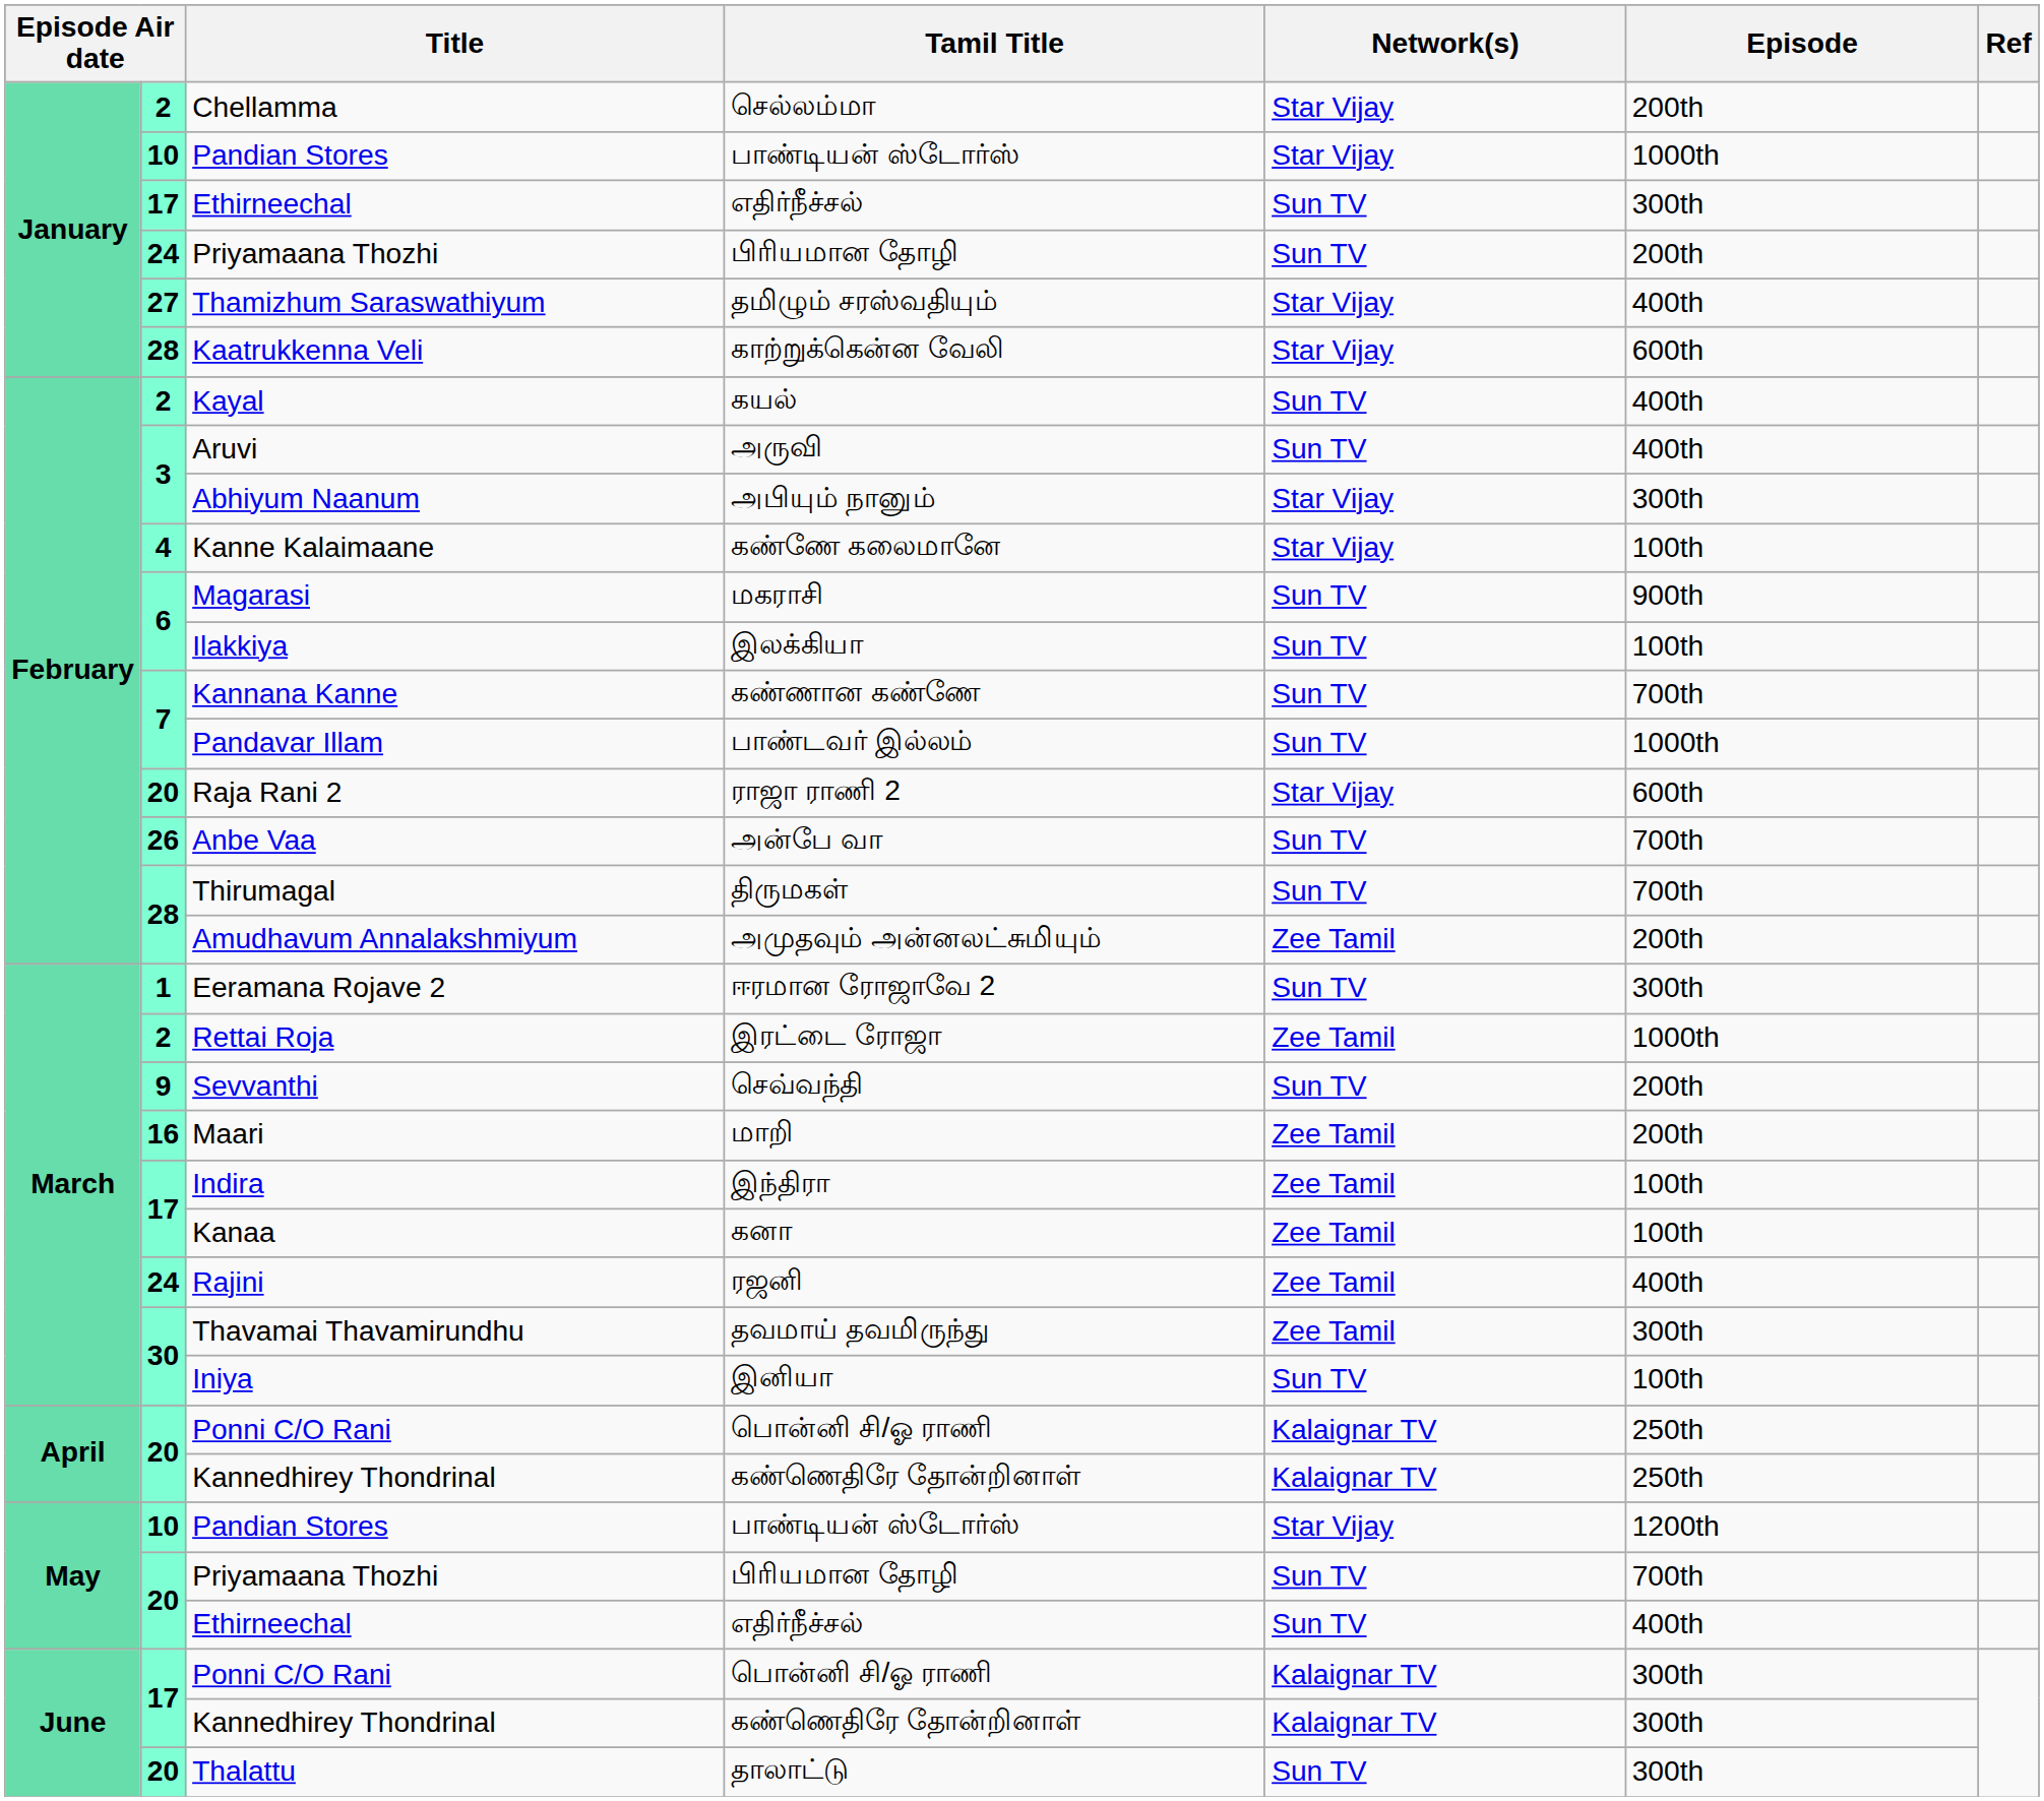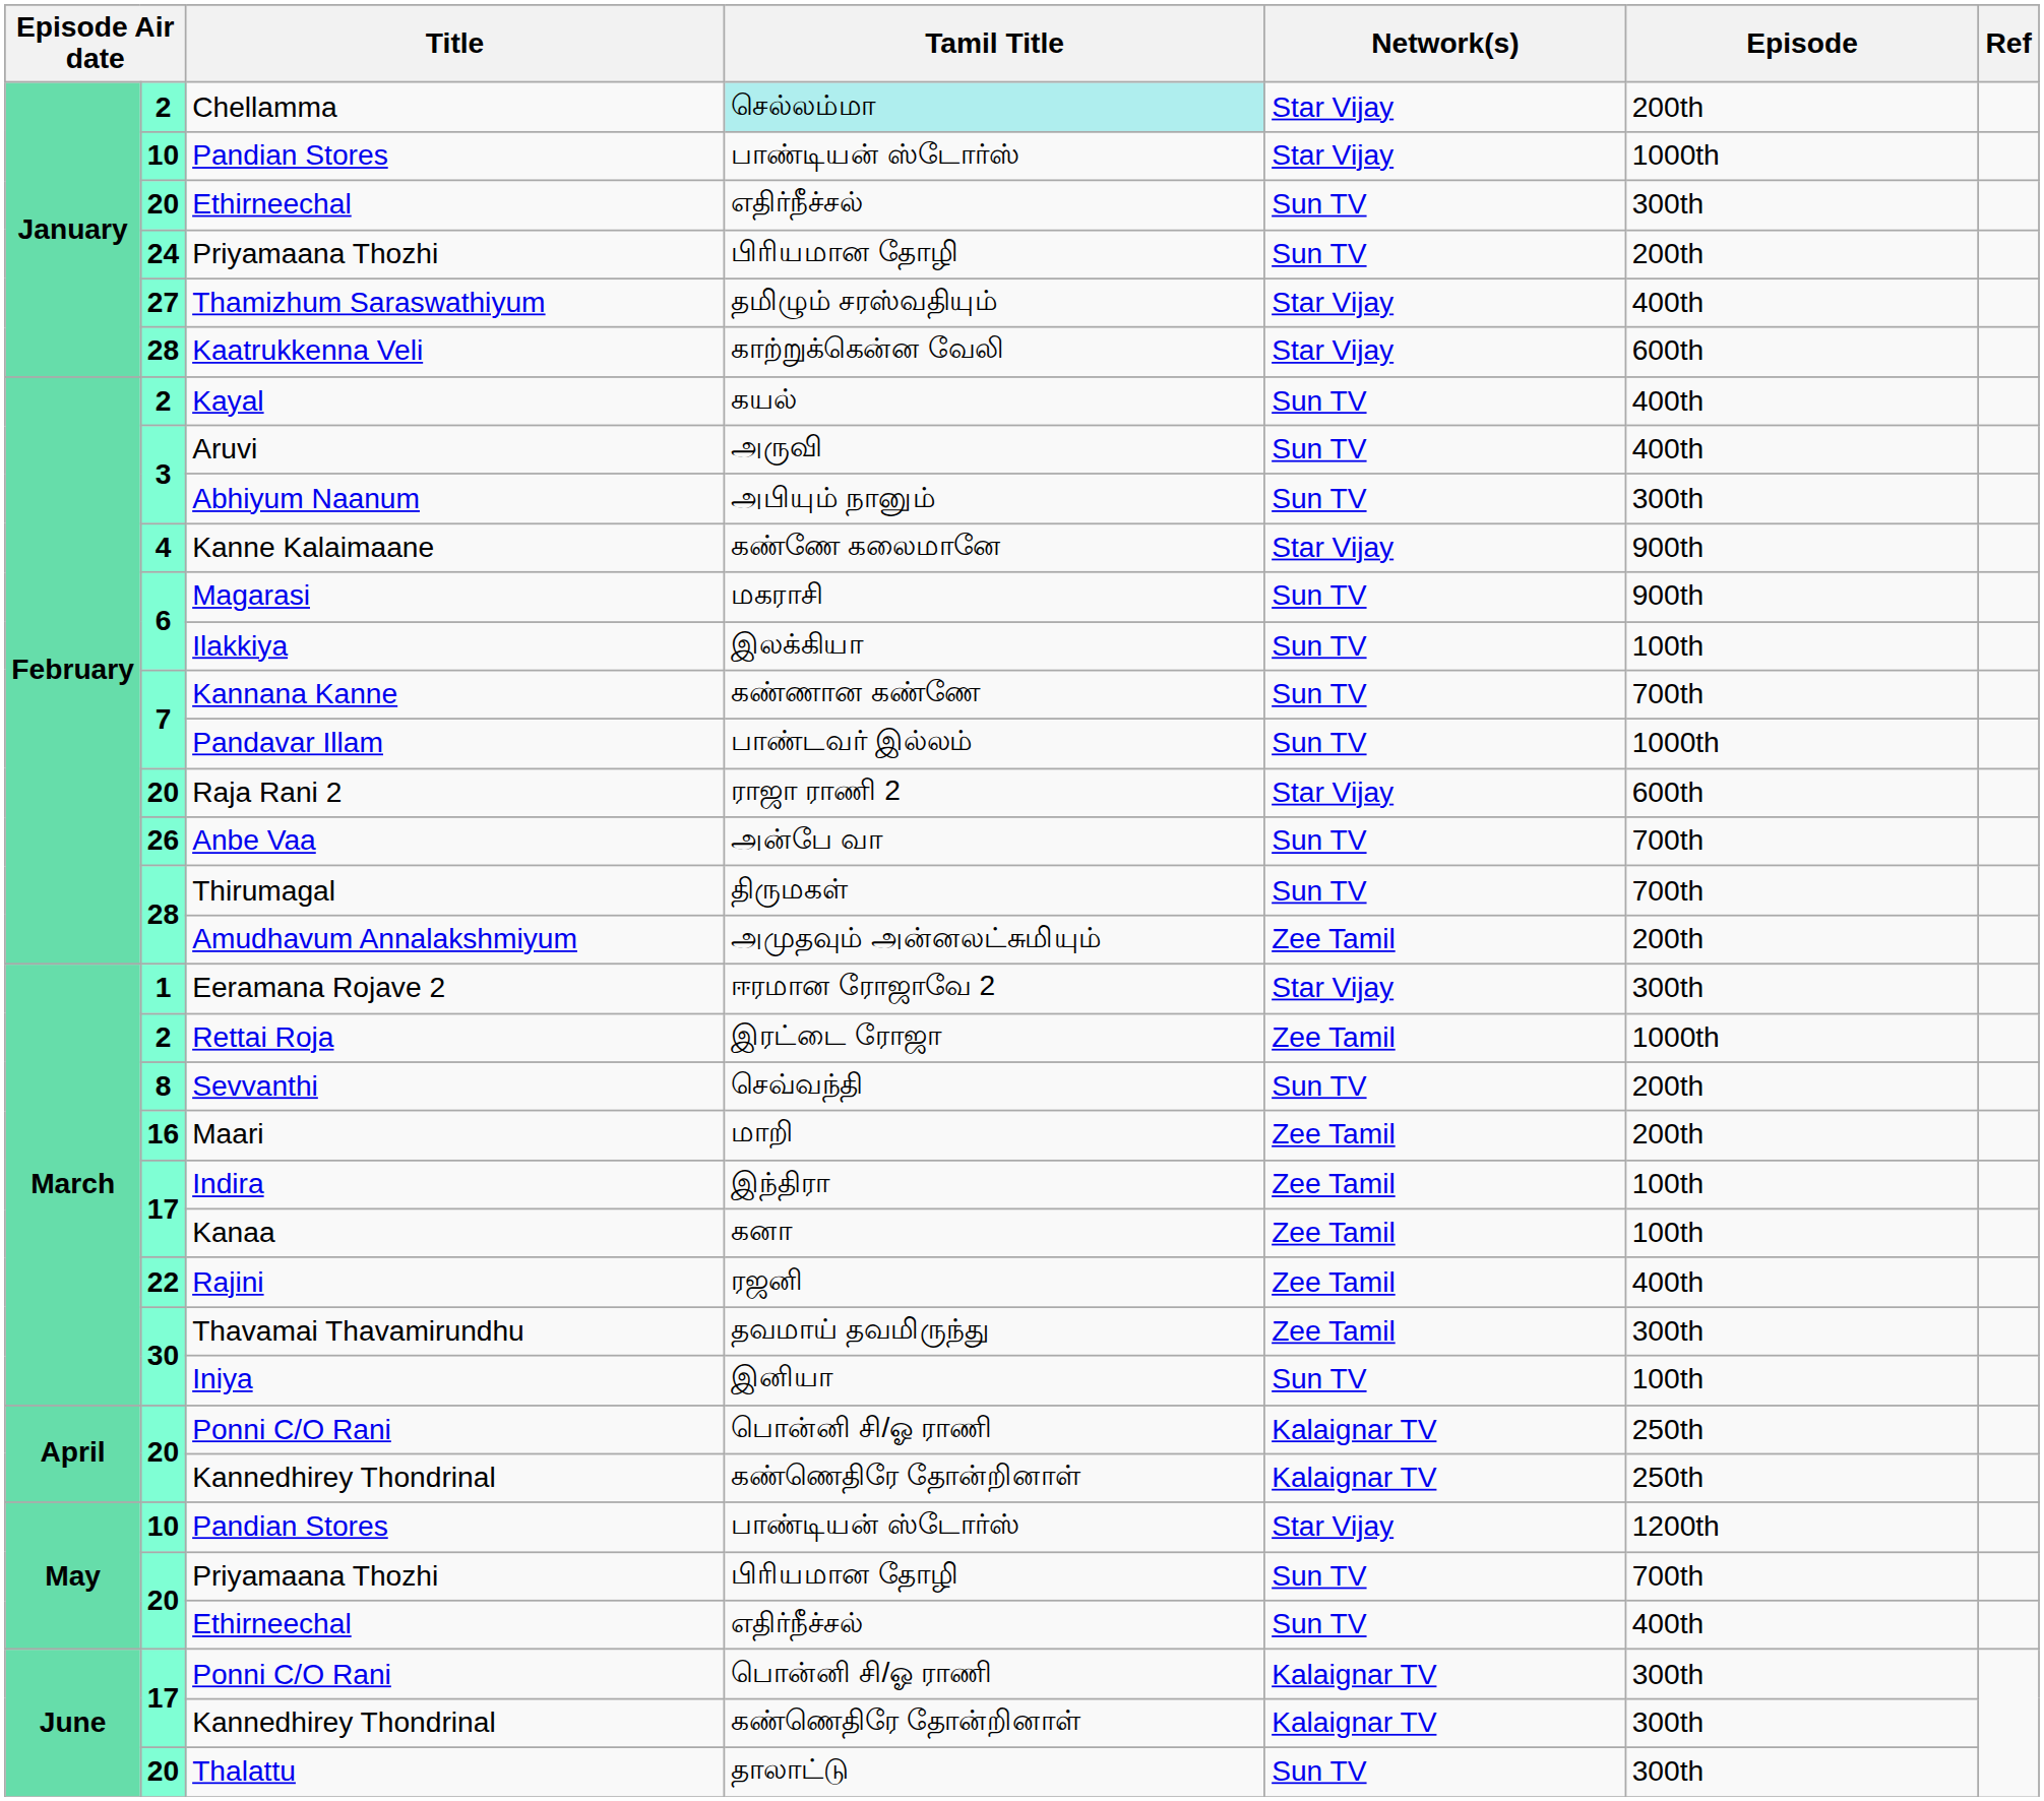 <table class="wikitable" width="90%">
 <tr>
 <th colspan="2">Episode Air date</th>
 <th style="width:30%;">Title</th>
 <th style="width:30%;">Tamil Title</th>
 <th style="width:20%;">Network(s)</th>
 <th style="width:20%;">Episode</th>
 <th>Ref</th>
 </tr>
 <tr>
 <td rowspan="6" style="text-align:center; background:#6da; textcolor:#000;"><strong>January</strong></td>
 <td style="text-align:center; background:#7FFFD4;"><strong>2</strong></td>
 <td>Chellamma</td>
-<td>செல்லம்மா</td>
+<td style="background: paleturquoise;">செல்லம்மா</td>
 <td><a href='#'>Star Vijay</a></td>
 <td>200th</td>
 <td></td>
 </tr>
 <tr>
 <td style="text-align:center; background:#7FFFD4;"><strong>10</strong></td>
 <td><a href='#'>Pandian Stores</a></td>
 <td>பாண்டியன் ஸ்டோர்ஸ்</td>
 <td><a href='#'>Star Vijay</a></td>
 <td>1000th</td>
 <td></td>
 </tr>
 <tr>
-<td style="text-align:center; background:#7FFFD4;"><strong>17</strong></td>
+<td style="text-align:center; background:#7FFFD4;"><strong>20</strong></td>
 <td><a href='#'>Ethirneechal</a></td>
 <td>எதிர்நீச்சல்</td>
 <td><a href='#'>Sun TV</a></td>
 <td>300th</td>
 <td></td>
 </tr>
 <tr>
 <td style="text-align:center; background:#7FFFD4;"><strong>24</strong></td>
 <td>Priyamaana Thozhi</td>
 <td>பிரியமான தோழி</td>
 <td><a href='#'>Sun TV</a></td>
 <td>200th</td>
 <td></td>
 </tr>
 <tr>
 <td style="text-align:center; background:#7FFFD4;"><strong>27</strong></td>
 <td><a href='#'>Thamizhum Saraswathiyum</a></td>
 <td>தமிழும் சரஸ்வதியும்</td>
 <td><a href='#'>Star Vijay</a></td>
 <td>400th</td>
 <td></td>
 </tr>
 <tr>
 <td style="text-align:center; background:#7FFFD4;"><strong>28</strong></td>
 <td><a href='#'>Kaatrukkenna Veli</a></td>
 <td>காற்றுக்கென்ன வேலி</td>
 <td><a href='#'>Star Vijay</a></td>
 <td>600th</td>
 <td></td>
 </tr>
 <tr>
 <td rowspan="12" style="text-align:center; background:#6da; textcolor:#000;"><strong>February</strong></td>
 <td style="text-align:center; background:#7FFFD4;"><strong>2</strong></td>
 <td><a href='#'>Kayal</a></td>
 <td>கயல்</td>
 <td><a href='#'>Sun TV</a></td>
 <td>400th</td>
 <td></td>
 </tr>
 <tr>
 <td rowspan="2" style="text-align:center; background:#7FFFD4;"><strong>3</strong></td>
 <td>Aruvi</td>
 <td>அருவி</td>
 <td><a href='#'>Sun TV</a></td>
 <td>400th</td>
 <td></td>
 </tr>
 <tr>
 <td><a href='#'>Abhiyum Naanum</a></td>
 <td>அபியும் நானும்</td>
-<td><a href='#'>Star Vijay</a></td>
+<td><a href='#'>Sun TV</a></td>
 <td>300th</td>
 <td></td>
 </tr>
 <tr>
 <td style="text-align:center; background:#7FFFD4;"><strong>4</strong></td>
 <td>Kanne Kalaimaane</td>
 <td>கண்ணே கலைமானே</td>
 <td><a href='#'>Star Vijay</a></td>
-<td>100th</td>
+<td>900th</td>
 <td></td>
 </tr>
 <tr>
 <td rowspan="2" style="text-align:center; background:#7FFFD4;"><strong>6</strong></td>
 <td><a href='#'>Magarasi</a></td>
 <td>மகராசி</td>
 <td><a href='#'>Sun TV</a></td>
 <td>900th</td>
 <td></td>
 </tr>
 <tr>
 <td><a href='#'>Ilakkiya</a></td>
 <td>இலக்கியா</td>
 <td><a href='#'>Sun TV</a></td>
 <td>100th</td>
 <td></td>
 </tr>
 <tr>
 <td rowspan="2" style="text-align:center; background:#7FFFD4;"><strong>7</strong></td>
 <td><a href='#'>Kannana Kanne</a></td>
 <td>கண்ணான கண்ணே</td>
 <td><a href='#'>Sun TV</a></td>
 <td>700th</td>
 <td></td>
 </tr>
 <tr>
 <td><a href='#'>Pandavar Illam</a></td>
 <td>பாண்டவர் இல்லம்</td>
 <td><a href='#'>Sun TV</a></td>
 <td>1000th</td>
 <td></td>
 </tr>
 <tr>
 <td style="text-align:center; background:#7FFFD4;"><strong>20</strong></td>
 <td>Raja Rani 2</td>
 <td>ராஜா ராணி 2</td>
 <td><a href='#'>Star Vijay</a></td>
 <td>600th</td>
 <td></td>
 </tr>
 <tr>
 <td style="text-align:center; background:#7FFFD4;"><strong>26</strong></td>
 <td><a href='#'>Anbe Vaa</a></td>
 <td>அன்பே வா</td>
 <td><a href='#'>Sun TV</a></td>
 <td>700th</td>
 <td></td>
 </tr>
 <tr>
 <td rowspan="2" style="text-align:center; background:#7FFFD4;"><strong>28</strong></td>
 <td>Thirumagal</td>
 <td>திருமகள்</td>
 <td><a href='#'>Sun TV</a></td>
 <td>700th</td>
 <td></td>
 </tr>
 <tr>
 <td><a href='#'>Amudhavum Annalakshmiyum</a></td>
 <td>அமுதவும் அன்னலட்சுமியும்</td>
 <td><a href='#'>Zee Tamil</a></td>
 <td>200th</td>
 <td></td>
 </tr>
 <tr>
 <td rowspan="9" style="text-align:center; background:#6da; textcolor:#000;"><strong>March</strong></td>
 <td style="text-align:center; background:#7FFFD4;"><strong>1</strong></td>
 <td>Eeramana Rojave 2</td>
 <td>ஈரமான ரோஜாவே 2</td>
-<td><a href='#'>Sun TV</a></td>
+<td><a href='#'>Star Vijay</a></td>
 <td>300th</td>
 <td></td>
 </tr>
 <tr>
 <td style="text-align:center; background:#7FFFD4;"><strong>2</strong></td>
 <td><a href='#'>Rettai Roja</a></td>
 <td>இரட்டை ரோஜா</td>
 <td><a href='#'>Zee Tamil</a></td>
 <td>1000th</td>
 <td></td>
 </tr>
 <tr>
-<td style="text-align:center; background:#7FFFD4;"><strong>9</strong></td>
+<td style="text-align:center; background:#7FFFD4;"><strong>8</strong></td>
 <td><a href='#'>Sevvanthi</a></td>
 <td>செவ்வந்தி</td>
 <td><a href='#'>Sun TV</a></td>
 <td>200th</td>
 <td></td>
 </tr>
 <tr>
 <td style="text-align:center; background:#7FFFD4;"><strong>16</strong></td>
 <td>Maari</td>
 <td>மாறி</td>
 <td><a href='#'>Zee Tamil</a></td>
 <td>200th</td>
 <td></td>
 </tr>
 <tr>
 <td rowspan="2" style="text-align:center; background:#7FFFD4;"><strong>17</strong></td>
 <td><a href='#'>Indira</a></td>
 <td>இந்திரா</td>
 <td><a href='#'>Zee Tamil</a></td>
 <td>100th</td>
 <td></td>
 </tr>
 <tr>
 <td>Kanaa</td>
 <td>கனா</td>
 <td><a href='#'>Zee Tamil</a></td>
 <td>100th</td>
 <td></td>
 </tr>
 <tr>
-<td style="text-align:center; background:#7FFFD4;"><strong>24</strong></td>
+<td style="text-align:center; background:#7FFFD4;"><strong>22</strong></td>
 <td><a href='#'>Rajini</a></td>
 <td>ரஜனி</td>
 <td><a href='#'>Zee Tamil</a></td>
 <td>400th</td>
 <td></td>
 </tr>
 <tr>
 <td rowspan="2" style="text-align:center; background:#7FFFD4;"><strong>30</strong></td>
 <td>Thavamai Thavamirundhu</td>
 <td>தவமாய் தவமிருந்து</td>
 <td><a href='#'>Zee Tamil</a></td>
 <td>300th</td>
 <td></td>
 </tr>
 <tr>
 <td><a href='#'>Iniya</a></td>
 <td>இனியா</td>
 <td><a href='#'>Sun TV</a></td>
 <td>100th</td>
 <td></td>
 </tr>
 <tr>
 <td rowspan="2" style="text-align:center; background:#6da; textcolor:#000;"><strong>April</strong></td>
 <td rowspan="2" style="text-align:center; background:#7FFFD4;"><strong>20</strong></td>
 <td><a href='#'>Ponni C/O Rani</a></td>
 <td>பொன்னி சி/ஓ ராணி</td>
 <td><a href='#'>Kalaignar TV</a></td>
 <td>250th</td>
 <td></td>
 </tr>
 <tr>
 <td>Kannedhirey Thondrinal</td>
 <td>கண்ணெதிரே தோன்றினாள்</td>
 <td><a href='#'>Kalaignar TV</a></td>
 <td>250th</td>
 <td></td>
 </tr>
 <tr>
 <td rowspan="3" style="text-align:center; background:#6da; textcolor:#000;"><strong>May</strong></td>
 <td rowspan="1" style="text-align:center; background:#7FFFD4;"><strong>10</strong></td>
 <td><a href='#'>Pandian Stores</a></td>
 <td>பாண்டியன் ஸ்டோர்ஸ்</td>
 <td><a href='#'>Star Vijay</a></td>
 <td>1200th</td>
 <td></td>
 </tr>
 <tr>
 <td rowspan="2" style="text-align:center; background:#7FFFD4;"><strong>20</strong></td>
 <td>Priyamaana Thozhi</td>
 <td>பிரியமான தோழி</td>
 <td><a href='#'>Sun TV</a></td>
 <td>700th</td>
 <td></td>
 </tr>
 <tr>
 <td><a href='#'>Ethirneechal</a></td>
 <td>எதிர்நீச்சல்</td>
 <td><a href='#'>Sun TV</a></td>
 <td>400th</td>
 <td></td>
 </tr>
 <tr>
 <td rowspan="3" style="text-align:center; background:#6da; textcolor:#000;"><strong>June</strong></td>
 <td rowspan="2" style="text-align:center; background:#7FFFD4;"><strong>17</strong></td>
 <td><a href='#'>Ponni C/O Rani</a></td>
 <td>பொன்னி சி/ஓ ராணி</td>
 <td><a href='#'>Kalaignar TV</a></td>
 <td>300th</td>
 </tr>
 <tr>
 <td>Kannedhirey Thondrinal</td>
 <td>கண்ணெதிரே தோன்றினாள்</td>
 <td><a href='#'>Kalaignar TV</a></td>
 <td>300th</td>
 </tr>
 <tr>
 <td rowspan="1" style="text-align:center; background:#7FFFD4;"><strong>20</strong></td>
 <td><a href='#'>Thalattu</a></td>
 <td>தாலாட்டு</td>
 <td><a href='#'>Sun TV</a></td>
 <td>300th</td>
 </tr>
 <tr>
 </tr>
 </table>
